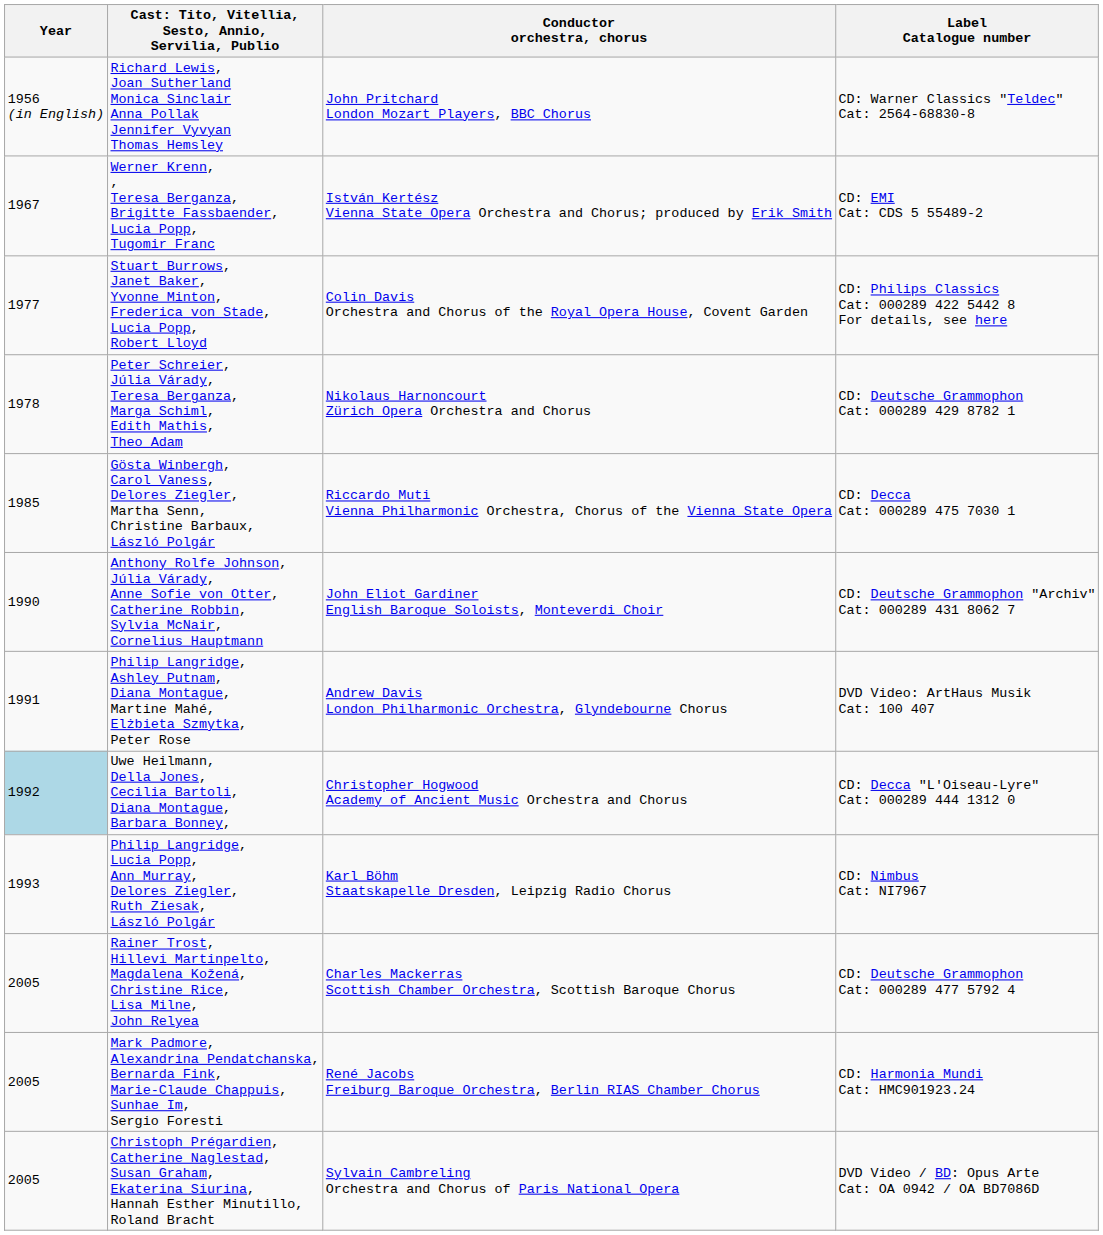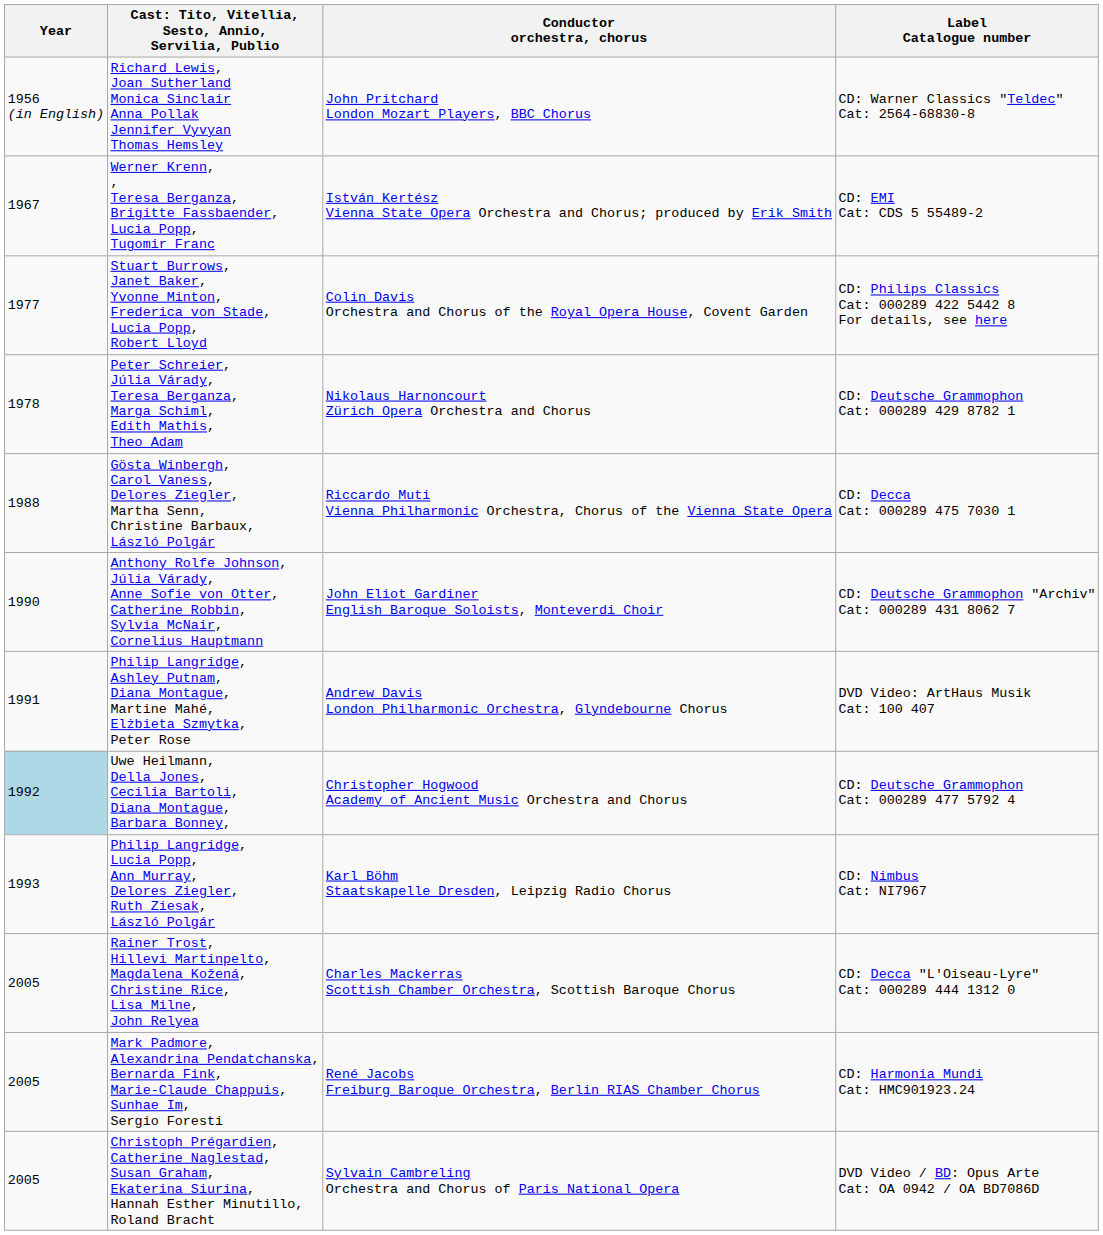 <table class="wikitable">
 <tr>
 <th>Year</th>
 <th>Cast: Tito, Vitellia,<br>Sesto, Annio,<br>Servilia, Publio</th>
 <th>Conductor<br>orchestra, chorus</th>
 <th>Label<br>Catalogue number</th>
 </tr>
 <tr>
 <td>1956<br><em>(in English)</em></td>
 <td><a href='#'>Richard Lewis</a>,<br><a href='#'>Joan Sutherland</a><br><a href='#'>Monica Sinclair</a><br><a href='#'>Anna Pollak</a><br><a href='#'>Jennifer Vyvyan</a><br><a href='#'>Thomas Hemsley</a></td>
 <td><a href='#'>John Pritchard</a><br><a href='#'>London Mozart Players</a>, <a href='#'>BBC Chorus</a></td>
 <td>CD: Warner Classics "<a href='#'>Teldec</a>"<br>Cat: 2564-68830-8</td>
 </tr>
 <tr>
 <td>1967</td>
 <td><a href='#'>Werner Krenn</a>,<br>,<br><a href='#'>Teresa Berganza</a>,<br><a href='#'>Brigitte Fassbaender</a>,<br><a href='#'>Lucia Popp</a>,<br><a href='#'>Tugomir Franc</a></td>
 <td><a href='#'>István Kertész</a><br><a href='#'>Vienna State Opera</a> Orchestra and Chorus; produced by <a href='#'>Erik Smith</a></td>
 <td>CD: <a href='#'>EMI</a><br>Cat: CDS 5 55489-2</td>
 </tr>
 <tr>
 <td>1977</td>
 <td><a href='#'>Stuart Burrows</a>,<br><a href='#'>Janet Baker</a>,<br><a href='#'>Yvonne Minton</a>,<br><a href='#'>Frederica von Stade</a>, <br><a href='#'>Lucia Popp</a>,<br><a href='#'>Robert Lloyd</a></td>
 <td><a href='#'>Colin Davis</a><br>Orchestra and Chorus of the <a href='#'>Royal Opera House</a>, Covent Garden</td>
 <td>CD: <a href='#'>Philips Classics</a><br>Cat: 000289 422 5442 8<br>For details, see <a href='#'>here</a></td>
 </tr>
 <tr>
 <td>1978</td>
 <td><a href='#'>Peter Schreier</a>,<br><a href='#'>Júlia Várady</a>,<br><a href='#'>Teresa Berganza</a>,<br><a href='#'>Marga Schiml</a>,<br><a href='#'>Edith Mathis</a>,<br><a href='#'>Theo Adam</a></td>
 <td><a href='#'>Nikolaus Harnoncourt</a><br><a href='#'>Zürich Opera</a> Orchestra and Chorus</td>
 <td>CD: <a href='#'>Deutsche Grammophon</a><br>Cat: 000289 429 8782 1</td>
 </tr>
 <tr>
-<td>1985</td>
+<td>1988</td>
 <td><a href='#'>Gösta Winbergh</a>,<br><a href='#'>Carol Vaness</a>,<br><a href='#'>Delores Ziegler</a>,<br>Martha Senn,<br>Christine Barbaux, <br><a href='#'>László Polgár</a></td>
 <td><a href='#'>Riccardo Muti</a><br><a href='#'>Vienna Philharmonic</a> Orchestra, Chorus of the <a href='#'>Vienna State Opera</a></td>
 <td>CD: <a href='#'>Decca</a><br>Cat: 000289 475 7030 1</td>
 </tr>
 <tr>
 <td>1990</td>
 <td><a href='#'>Anthony Rolfe Johnson</a>,<br><a href='#'>Júlia Várady</a>,<br><a href='#'>Anne Sofie von Otter</a>,<br><a href='#'>Catherine Robbin</a>,<br><a href='#'>Sylvia McNair</a>,<br><a href='#'>Cornelius Hauptmann</a></td>
 <td><a href='#'>John Eliot Gardiner</a><br><a href='#'>English Baroque Soloists</a>, <a href='#'>Monteverdi Choir</a></td>
 <td>CD: <a href='#'>Deutsche Grammophon</a> "Archiv"<br>Cat: 000289 431 8062 7</td>
 </tr>
 <tr>
 <td>1991</td>
 <td><a href='#'>Philip Langridge</a>,<br><a href='#'>Ashley Putnam</a>,<br><a href='#'>Diana Montague</a>,<br>Martine Mahé,<br><a href='#'>Elżbieta Szmytka</a>,<br>Peter Rose</td>
 <td><a href='#'>Andrew Davis</a><br><a href='#'>London Philharmonic Orchestra</a>, <a href='#'>Glyndebourne</a> Chorus</td>
 <td>DVD Video: ArtHaus Musik<br>Cat: 100 407</td>
 </tr>
 <tr>
 <td style="background: lightblue;">1992</td>
 <td>Uwe Heilmann,<br><a href='#'>Della Jones</a>,<br><a href='#'>Cecilia Bartoli</a>,<br><a href='#'>Diana Montague</a>,<br><a href='#'>Barbara Bonney</a>,<br></td>
 <td><a href='#'>Christopher Hogwood</a><br><a href='#'>Academy of Ancient Music</a> Orchestra and Chorus</td>
-<td>CD: <a href='#'>Decca</a> "L'Oiseau-Lyre"<br>Cat: 000289 444 1312 0</td>
+<td>CD: <a href='#'>Deutsche Grammophon</a><br>Cat: 000289 477 5792 4</td>
 </tr>
 <tr>
 <td>1993</td>
 <td><a href='#'>Philip Langridge</a>,<br><a href='#'>Lucia Popp</a>,<br><a href='#'>Ann Murray</a>,<br><a href='#'>Delores Ziegler</a>,<br><a href='#'>Ruth Ziesak</a>,<br><a href='#'>László Polgár</a></td>
 <td><a href='#'>Karl Böhm</a><br><a href='#'>Staatskapelle Dresden</a>, Leipzig Radio Chorus</td>
 <td>CD: <a href='#'>Nimbus</a><br>Cat: NI7967<br></td>
 </tr>
 <tr>
 <td>2005</td>
 <td><a href='#'>Rainer Trost</a>,<br><a href='#'>Hillevi Martinpelto</a>,<br><a href='#'>Magdalena Kožená</a>,<br><a href='#'>Christine Rice</a>,<br><a href='#'>Lisa Milne</a>,<br><a href='#'>John Relyea</a></td>
 <td><a href='#'>Charles Mackerras</a><br><a href='#'>Scottish Chamber Orchestra</a>, Scottish Baroque Chorus</td>
-<td>CD: <a href='#'>Deutsche Grammophon</a><br>Cat: 000289 477 5792 4</td>
+<td>CD: <a href='#'>Decca</a> "L'Oiseau-Lyre"<br>Cat: 000289 444 1312 0</td>
 </tr>
 <tr>
 <td>2005</td>
 <td><a href='#'>Mark Padmore</a>,<br><a href='#'>Alexandrina Pendatchanska</a>,<br><a href='#'>Bernarda Fink</a>,<br><a href='#'>Marie-Claude Chappuis</a>,<br><a href='#'>Sunhae Im</a>,<br>Sergio Foresti</td>
 <td><a href='#'>René Jacobs</a><br><a href='#'>Freiburg Baroque Orchestra</a>, <a href='#'>Berlin RIAS Chamber Chorus</a></td>
 <td>CD: <a href='#'>Harmonia Mundi</a><br>Cat: HMC901923.24</td>
 </tr>
 <tr>
 <td>2005</td>
 <td><a href='#'>Christoph Prégardien</a>,<br><a href='#'>Catherine Naglestad</a>,<br><a href='#'>Susan Graham</a>,<br><a href='#'>Ekaterina Siurina</a>, <br>Hannah Esther Minutillo,<br>Roland Bracht</td>
 <td><a href='#'>Sylvain Cambreling</a><br>Orchestra and Chorus of <a href='#'>Paris National Opera</a></td>
 <td>DVD Video / <a href='#'>BD</a>: Opus Arte<br>Cat: OA 0942 / OA BD7086D</td>
 </tr>
 </table>
